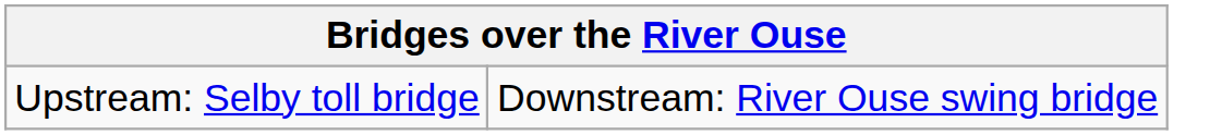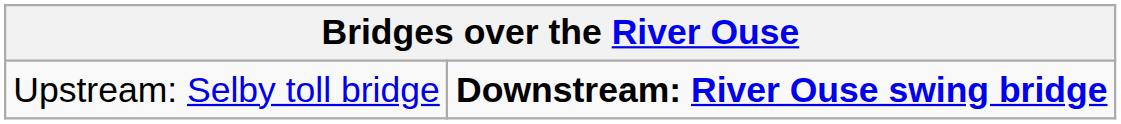 <table class="wikitable">
 <tr>
 <th colspan=2>Bridges over the <a href='#'>River Ouse</a></th>
 </tr>
 <tr>
 <td>Upstream: <a href='#'>Selby toll bridge</a></td>
-<td>Downstream: <a href='#'>River Ouse swing bridge</a></td>
+<td><strong>Downstream: <a href='#'>River Ouse swing bridge</a></strong></td>
 </tr>
 </table>
